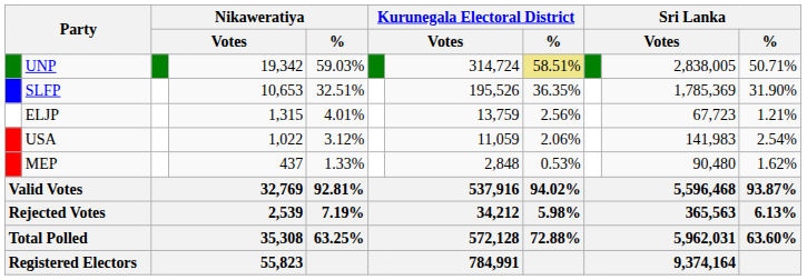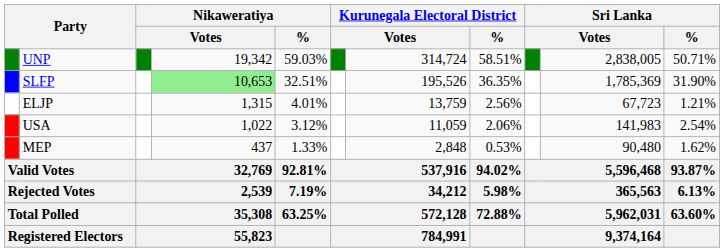 <table class="wikitable">
 <tr>
 <th colspan="2" width="144px"rowspan="2">Party</th>
 <th colspan="3" width="216px">Nikaweratiya</th>
 <th colspan="3" width="216px"><a href='#'>Kurunegala Electoral District</a></th>
 <th colspan="3" width="216px">Sri Lanka</th>
 </tr>
 <tr>
 <th colspan="2" width="144px">Votes</th>
 <th>%</th>
 <th colspan="2" width="144px">Votes</th>
 <th>%</th>
 <th colspan="2" width="144px">Votes</th>
 <th>%</th>
 </tr>
 <tr>
 <td style="background-color:green;" width="10px"></td>
 <td style="text-align:left;"><a href='#'>UNP</a></td>
 <td style="background-color:green;" width="10px"></td>
 <td style="text-align:right;">19,342</td>
 <td style="text-align:right;">59.03%</td>
 <td style="background-color:green;" width="10px"></td>
 <td style="text-align:right;">314,724</td>
-<td style="background: khaki; text-align:right;">58.51%</td>
+<td style="text-align:right;">58.51%</td>
 <td style="background-color:green;" width="10px"></td>
 <td style="text-align:right;">2,838,005</td>
 <td style="text-align:right;">50.71%</td>
 </tr>
 <tr>
 <td style="background-color:blue;" width="10px"></td>
 <td style="text-align:left;"><a href='#'>SLFP</a></td>
 <td style="background-color:white;" width="10px"></td>
-<td style="text-align:right;">10,653</td>
+<td style="background: lightgreen; text-align:right;">10,653</td>
 <td style="text-align:right;">32.51%</td>
 <td style="background-color:white;" width="10px"></td>
 <td style="text-align:right;">195,526</td>
 <td style="text-align:right;">36.35%</td>
 <td style="background-color:white;" width="10px"></td>
 <td style="text-align:right;">1,785,369</td>
 <td style="text-align:right;">31.90%</td>
 </tr>
 <tr>
 <td style="background-color:white;" width="10px"></td>
 <td style="text-align:left;">ELJP</td>
 <td style="background-color:white;" width="10px"></td>
 <td style="text-align:right;">1,315</td>
 <td style="text-align:right;">4.01%</td>
 <td style="background-color:white;" width="10px"></td>
 <td style="text-align:right;">13,759</td>
 <td style="text-align:right;">2.56%</td>
 <td style="background-color:white;" width="10px"></td>
 <td style="text-align:right;">67,723</td>
 <td style="text-align:right;">1.21%</td>
 </tr>
 <tr>
 <td style="background-color:red;" width="10px"></td>
 <td style="text-align:left;">USA</td>
 <td style="background-color:white;" width="10px"></td>
 <td style="text-align:right;">1,022</td>
 <td style="text-align:right;">3.12%</td>
 <td style="background-color:white;" width="10px"></td>
 <td style="text-align:right;">11,059</td>
 <td style="text-align:right;">2.06%</td>
 <td style="background-color:white;" width="10px"></td>
 <td style="text-align:right;">141,983</td>
 <td style="text-align:right;">2.54%</td>
 </tr>
 <tr>
 <td style="background-color:red;" width="10px"></td>
 <td style="text-align:left;">MEP</td>
 <td style="background-color:white;" width="10px"></td>
 <td style="text-align:right;">437</td>
 <td style="text-align:right;">1.33%</td>
 <td style="background-color:white;" width="10px"></td>
 <td style="text-align:right;">2,848</td>
 <td style="text-align:right;">0.53%</td>
 <td style="background-color:white;" width="10px"></td>
 <td style="text-align:right;">90,480</td>
 <td style="text-align:right;">1.62%</td>
 </tr>
 <tr>
 <th colspan="2" width="144px"style="text-align:left;">Valid Votes</th>
 <th style="text-align:right;"colspan="2" width="144px">32,769</th>
 <th style="text-align:right;">92.81%</th>
 <th style="text-align:right;"colspan="2" width="144px">537,916</th>
 <th style="text-align:right;">94.02%</th>
 <th style="text-align:right;"colspan="2" width="144px">5,596,468</th>
 <th style="text-align:right;">93.87%</th>
 </tr>
 <tr>
 <th colspan="2" width="144px"style="text-align:left;">Rejected Votes</th>
 <th style="text-align:right;"colspan="2" width="144px">2,539</th>
 <th style="text-align:right;">7.19%</th>
 <th style="text-align:right;"colspan="2" width="144px">34,212</th>
 <th style="text-align:right;">5.98%</th>
 <th style="text-align:right;"colspan="2" width="144px">365,563</th>
 <th style="text-align:right;">6.13%</th>
 </tr>
 <tr>
 <th colspan="2" width="144px"style="text-align:left;">Total Polled</th>
 <th style="text-align:right;"colspan="2" width="144px">35,308</th>
 <th style="text-align:right;">63.25%</th>
 <th style="text-align:right;"colspan="2" width="144px">572,128</th>
 <th style="text-align:right;">72.88%</th>
 <th style="text-align:right;"colspan="2" width="144px">5,962,031</th>
 <th style="text-align:right;">63.60%</th>
 </tr>
 <tr>
 <th colspan="2" width="144px"style="text-align:left;">Registered Electors</th>
 <th style="text-align:right;"colspan="2" width="144px">55,823</th>
 <th></th>
 <th style="text-align:right;"colspan="2" width="144px">784,991</th>
 <th></th>
 <th style="text-align:right;"colspan="2" width="144px">9,374,164</th>
 <th></th>
 </tr>
 </table>
